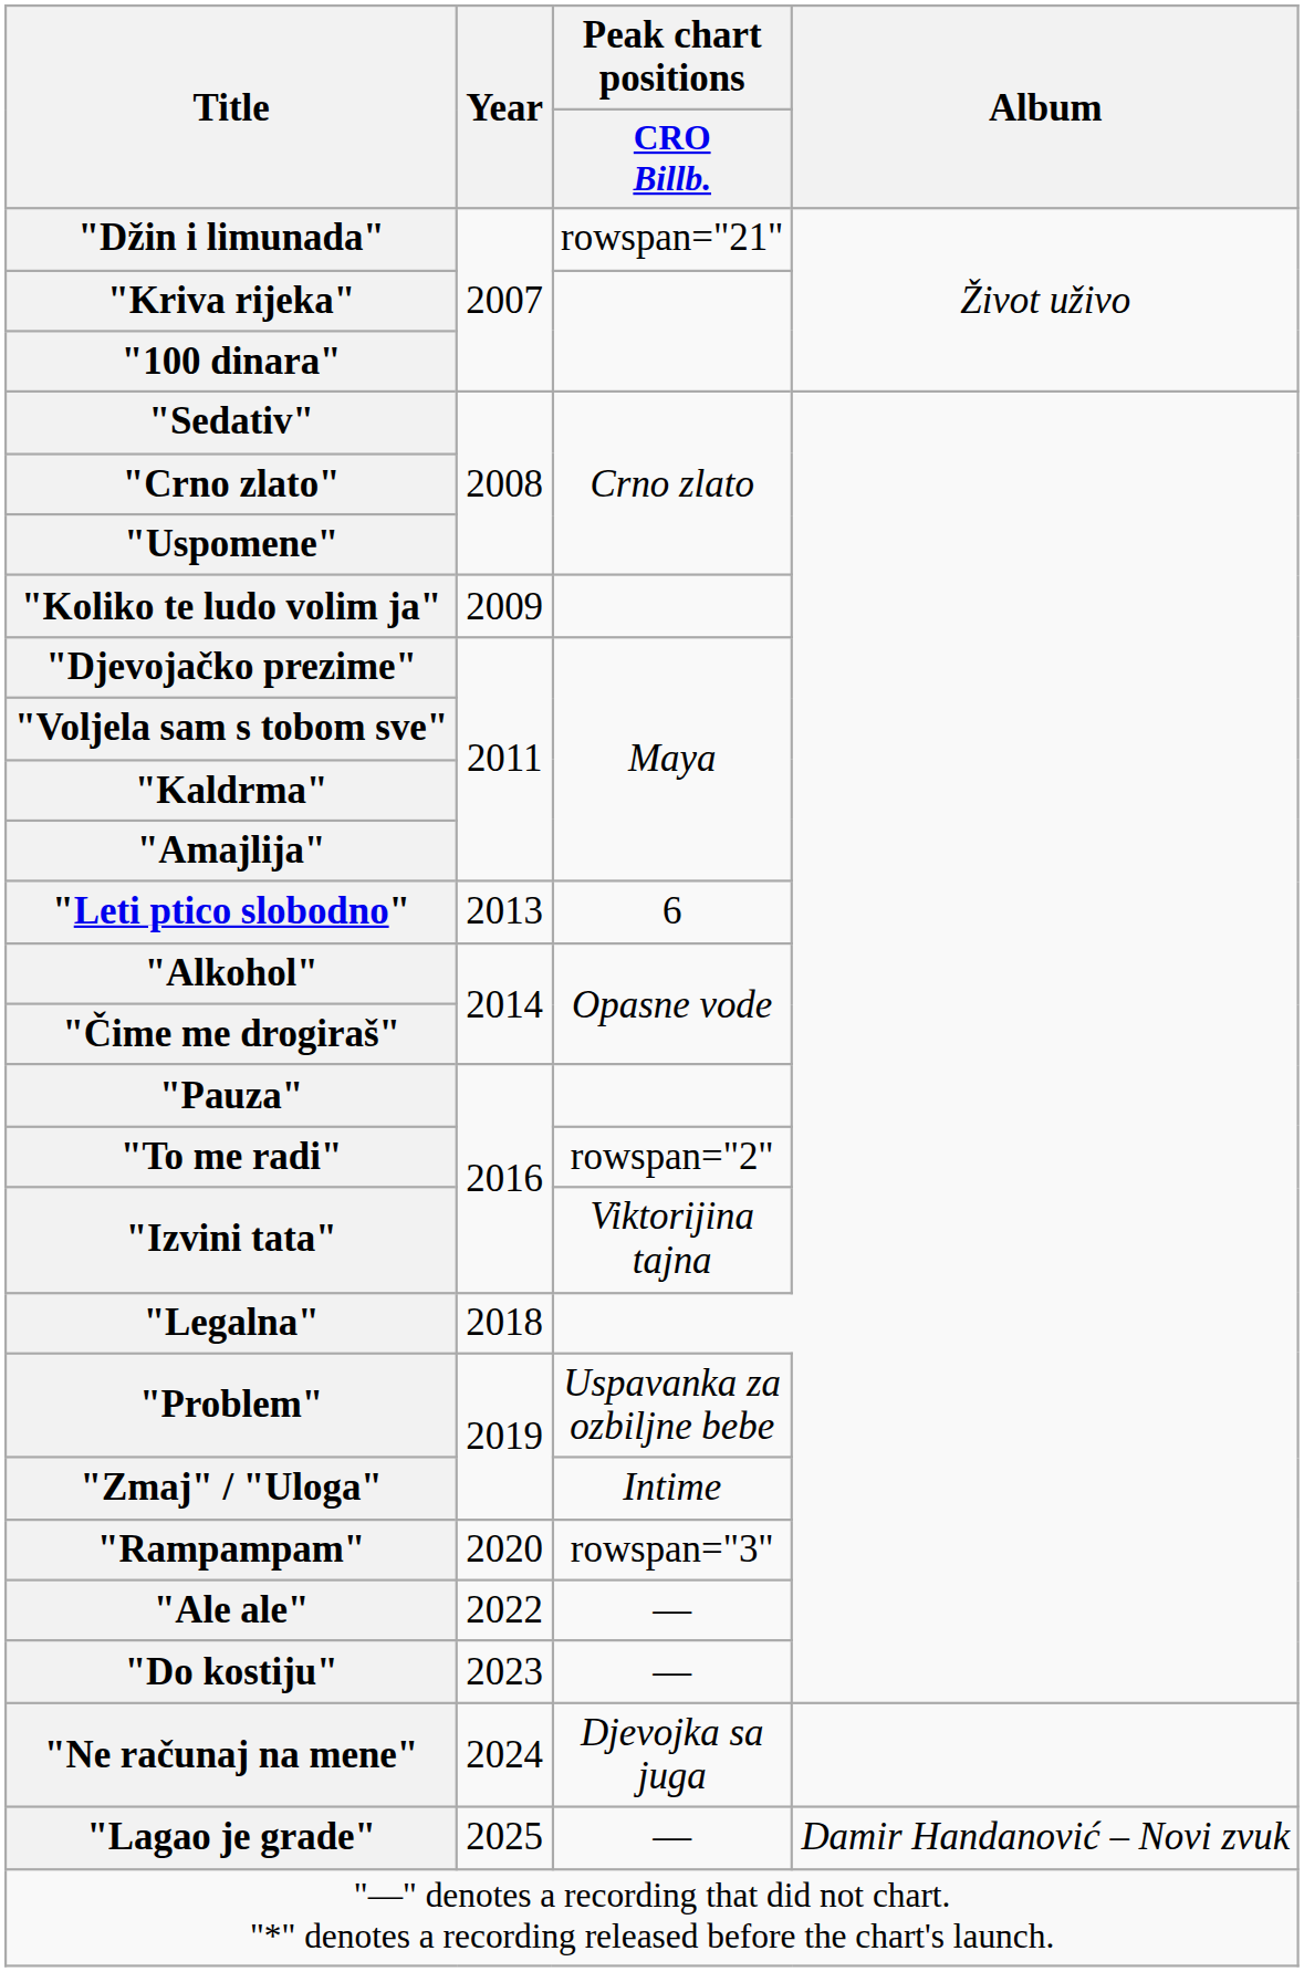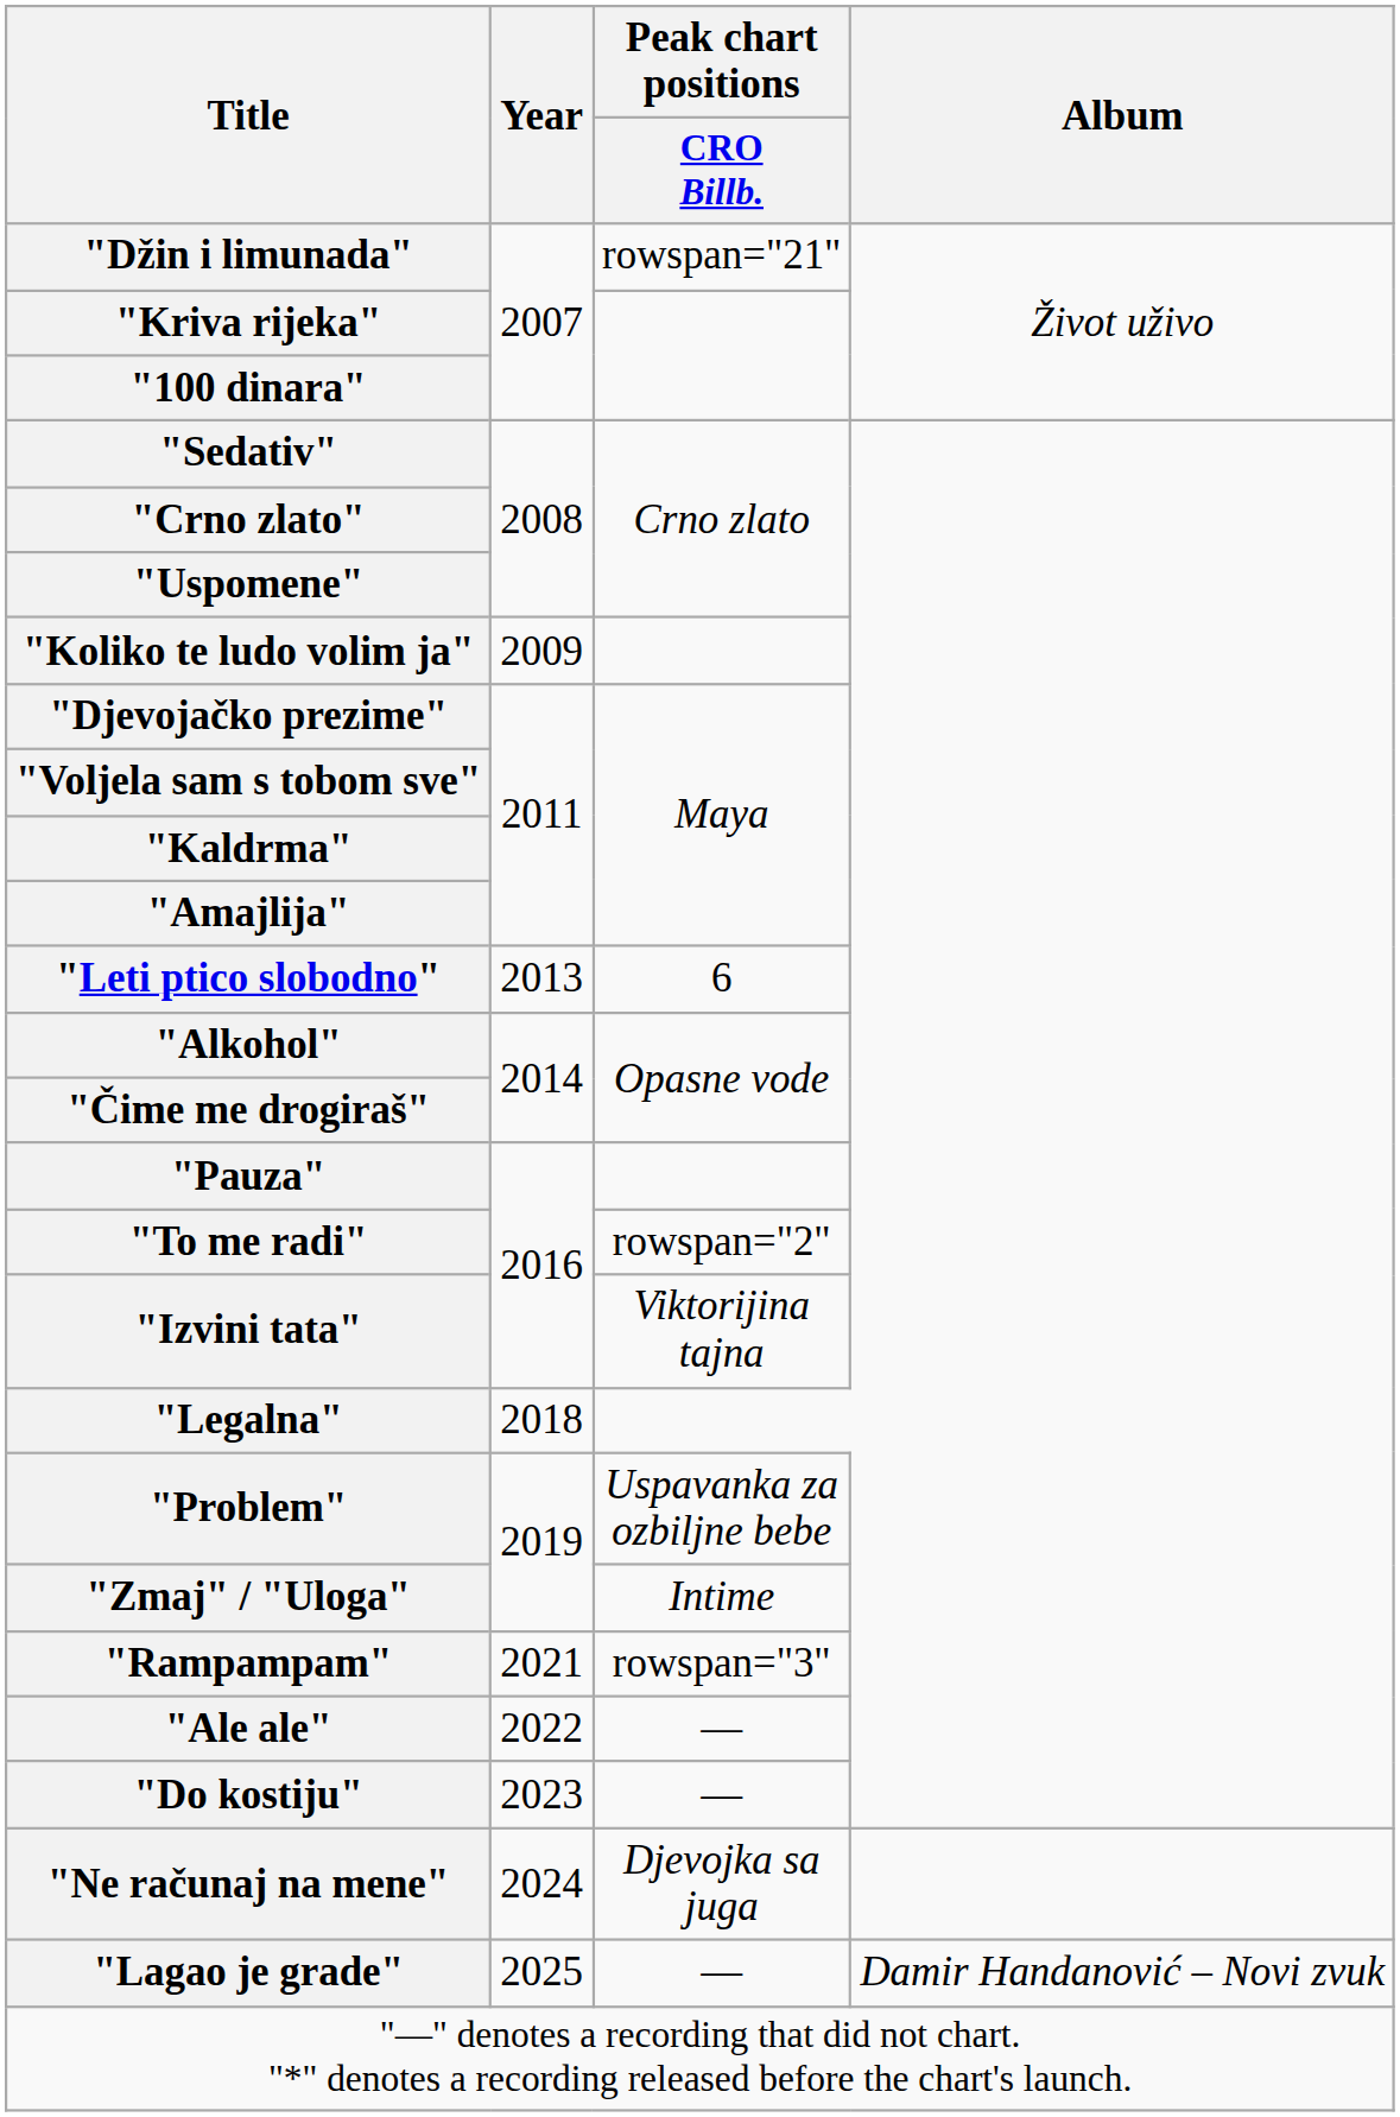 <table class="wikitable plainrowheaders" style="text-align:center;">
 <tr>
 <th scope="col" rowspan="2">Title</th>
 <th scope="col" rowspan="2">Year</th>
 <th scope="col" colspan="1">Peak chart positions</th>
 <th scope="col" rowspan="2">Album</th>
 </tr>
 <tr>
 <th scope="col" style="width:2.5em;font-size:90%;"><a href='#'>CRO<br><em>Billb.</em></a><br></th>
 </tr>
 <tr>
 <th scope="row">"Džin i limunada"</th>
 <td rowspan="3">2007</td>
 <td>rowspan="21" </td>
 <td rowspan="3"><em>Život uživo</em></td>
 </tr>
 <tr>
 <th scope="row">"Kriva rijeka"</th>
 </tr>
 <tr>
 <th scope="row">"100 dinara"</th>
 </tr>
 <tr>
 <th scope="row">"Sedativ"</th>
 <td rowspan="3">2008</td>
 <td rowspan="3"><em>Crno zlato</em></td>
 </tr>
 <tr>
 <th scope="row">"Crno zlato"</th>
 </tr>
 <tr>
 <th scope="row">"Uspomene"</th>
 </tr>
 <tr>
 <th scope="row">"Koliko te ludo volim ja"</th>
 <td>2009</td>
 <td></td>
 </tr>
 <tr>
 <th scope="row">"Djevojačko prezime"</th>
 <td rowspan="4">2011</td>
 <td rowspan="4"><em>Maya</em></td>
 </tr>
 <tr>
 <th scope="row">"Voljela sam s tobom sve"</th>
 </tr>
 <tr>
 <th scope="row">"Kaldrma"</th>
 </tr>
 <tr>
 <th scope="row">"Amajlija"</th>
 </tr>
 <tr>
 <th scope="row">"<a href='#'>Leti ptico slobodno</a>"</th>
 <td>2013</td>
 <td>6</td>
 </tr>
 <tr>
 <th scope="row">"Alkohol"</th>
 <td rowspan="2">2014</td>
 <td rowspan="2"><em>Opasne vode</em></td>
 </tr>
 <tr>
 <th scope="row">"Čime me drogiraš"</th>
 </tr>
 <tr>
 <th scope="row">"Pauza"</th>
 <td rowspan="3">2016</td>
 <td></td>
 </tr>
 <tr>
 <th scope="row">"To me radi"<br></th>
 <td>rowspan="2" </td>
 </tr>
 <tr>
 <th scope="row">"Izvini tata"</th>
 <td><em>Viktorijina tajna</em></td>
 </tr>
 <tr>
 <th scope="row">"Legalna"<br></th>
 <td>2018</td>
 </tr>
 <tr>
 <th scope="row">"Problem"<br></th>
 <td rowspan="2">2019</td>
 <td><em>Uspavanka za ozbiljne bebe</em></td>
 </tr>
 <tr>
 <th scope="row">"Zmaj" / "Uloga"</th>
 <td><em>Intime</em></td>
 </tr>
 <tr>
 <th scope="row">"Rampampam"<br></th>
-<td>2020</td>
+<td>2021</td>
 <td>rowspan="3" </td>
 </tr>
 <tr>
 <th scope="row">"Ale ale"</th>
 <td>2022</td>
 <td>—</td>
 </tr>
 <tr>
 <th scope="row">"Do kostiju"</th>
 <td>2023</td>
 <td>—</td>
 </tr>
 <tr>
 <th scope="row">"Ne računaj na mene"<br></th>
 <td>2024</td>
 <td><em>Djevojka sa juga</em></td>
 <td></td>
 </tr>
 <tr>
 <th scope="row">"Lagao je grade"</th>
 <td>2025</td>
 <td>—</td>
 <td><em>Damir Handanović – Novi zvuk</em></td>
 </tr>
 <tr>
 <td colspan="4" style="font-size:90%">"—" denotes a recording that did not chart.<br>"*" denotes a recording released before the chart's launch.</td>
 </tr>
 </table>
